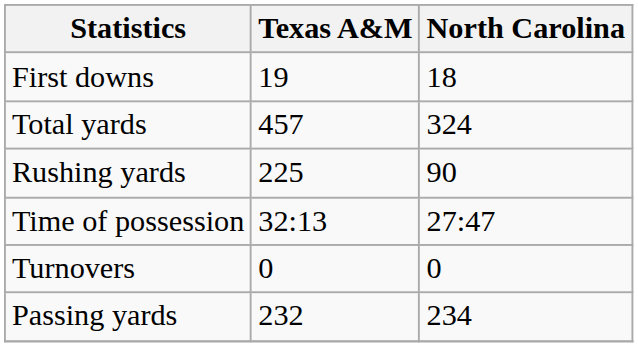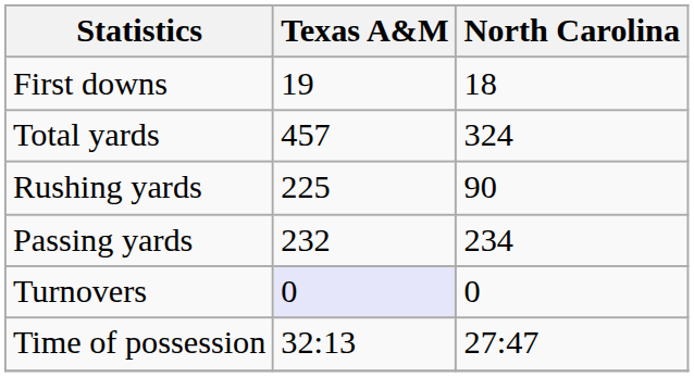 <table class="wikitable">
 <tr>
 <th>Statistics</th>
 <th>Texas A&M</th>
 <th>North Carolina</th>
 </tr>
 <tr>
 <td>First downs</td>
 <td>19</td>
 <td>18</td>
 </tr>
 <tr>
 <td>Total yards</td>
 <td>457</td>
 <td>324</td>
 </tr>
 <tr>
 <td>Rushing yards</td>
 <td>225</td>
 <td>90</td>
 </tr>
 <tr>
+<td>Passing yards</td>
+<td>232</td>
+<td>234</td>
+</tr>
+<tr>
+<td>Turnovers</td>
+<td style="background: lavender;">0</td>
+<td>0</td>
+</tr>
+<tr>
 <td>Time of possession</td>
 <td>32:13</td>
 <td>27:47</td>
 </tr>
 <tr>
-<td>Turnovers</td>
-<td>0</td>
-<td>0</td>
-</tr>
-<tr>
-<td>Passing yards</td>
-<td>232</td>
-<td>234</td>
-</tr>
-<tr>
 </tr>
 </table>
